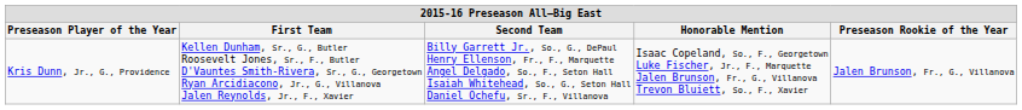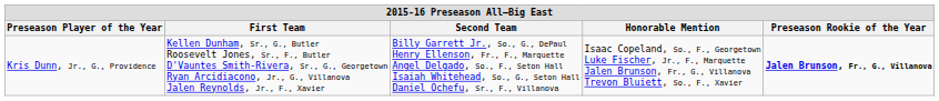 <table class="wikitable" style="white-space:nowrap; font-size:90%;">
 <tr>
 <td colspan="7" style="text-align:center; background:#ddd;"><strong>2015-16 Preseason All–Big East</strong></td>
 </tr>
 <tr>
 <th>Preseason Player of the Year</th>
 <th>First Team</th>
 <th>Second Team</th>
 <th>Honorable Mention</th>
 <th>Preseason Rookie of the Year</th>
 </tr>
 <tr>
 <td><a href='#'>Kris Dunn</a>, <small>Jr., G., Providence</small><br></td>
 <td><a href='#'>Kellen Dunham</a>, <small>Sr., G., Butler</small><br>Roosevelt Jones, <small>Sr., F., Butler</small><br><a href='#'>D'Vauntes Smith-Rivera</a>, <small>Sr., G., Georgetown</small><br><a href='#'>Ryan Arcidiacono</a>, <small>Jr., G., Villanova</small><br><a href='#'>Jalen Reynolds</a>, <small>Jr., F., Xavier</small><br></td>
 <td><a href='#'>Billy Garrett Jr.</a>, <small>So., G., DePaul</small><br><a href='#'>Henry Ellenson</a>, <small>Fr., F., Marquette</small><br><a href='#'>Angel Delgado</a>, <small>So., F., Seton Hall</small><br><a href='#'>Isaiah Whitehead</a>, <small>So., G., Seton Hall</small><br><a href='#'>Daniel Ochefu</a>, <small>Sr., F., Villanova</small><br></td>
 <td>Isaac Copeland, <small>So., F., Georgetown</small><br><a href='#'>Luke Fischer</a>, <small>Jr., F., Marquette</small><br><a href='#'>Jalen Brunson</a>, <small>Fr., G., Villanova</small><br><a href='#'>Trevon Bluiett</a>, <small>So., F., Xavier</small><br></td>
-<td><a href='#'>Jalen Brunson</a>, <small>Fr., G., Villanova</small><br></td>
+<td><strong><a href='#'>Jalen Brunson</a>, <small>Fr., G., Villanova</small><br></strong></td>
 </tr>
 </table>
